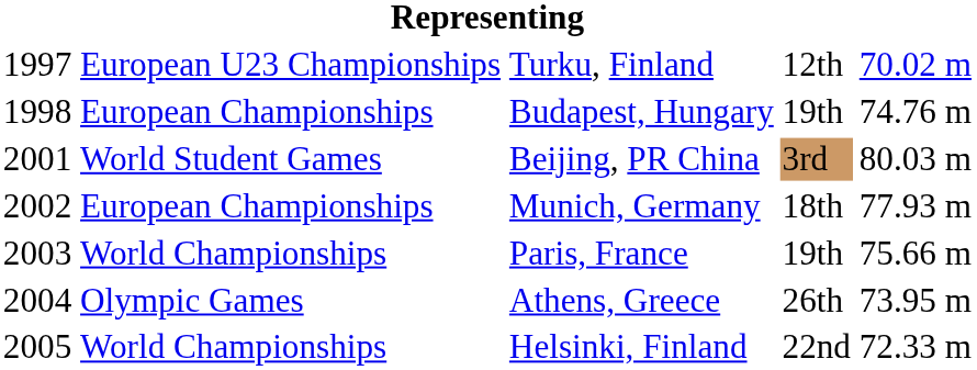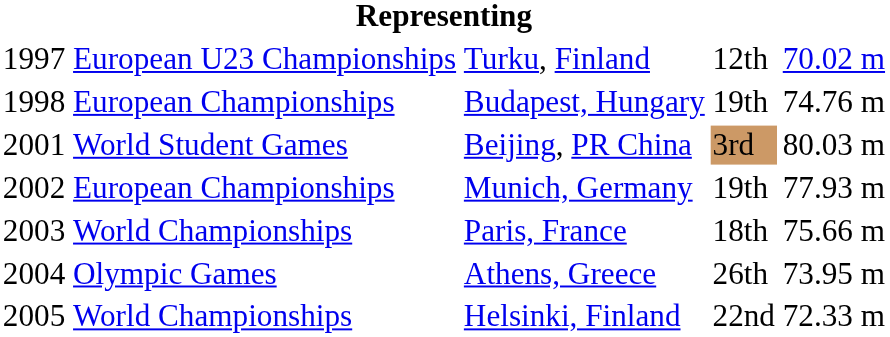 <table>
 <tr>
 <th colspan="5">Representing </th>
 </tr>
 <tr>
 <td>1997</td>
 <td><a href='#'>European U23 Championships</a></td>
 <td><a href='#'>Turku</a>, <a href='#'>Finland</a></td>
 <td>12th</td>
 <td><a href='#'>70.02 m</a></td>
 </tr>
 <tr>
 <td>1998</td>
 <td><a href='#'>European Championships</a></td>
 <td><a href='#'>Budapest, Hungary</a></td>
 <td>19th</td>
 <td>74.76 m</td>
 </tr>
 <tr>
 <td>2001</td>
 <td><a href='#'>World Student Games</a></td>
 <td><a href='#'>Beijing</a>, <a href='#'>PR China</a></td>
 <td bgcolor="cc9966">3rd</td>
 <td>80.03 m</td>
 </tr>
 <tr>
 <td>2002</td>
 <td><a href='#'>European Championships</a></td>
 <td><a href='#'>Munich, Germany</a></td>
-<td>18th</td>
+<td>19th</td>
 <td>77.93 m</td>
 </tr>
 <tr>
 <td>2003</td>
 <td><a href='#'>World Championships</a></td>
 <td><a href='#'>Paris, France</a></td>
-<td>19th</td>
+<td>18th</td>
 <td>75.66 m</td>
 </tr>
 <tr>
 <td>2004</td>
 <td><a href='#'>Olympic Games</a></td>
 <td><a href='#'>Athens, Greece</a></td>
 <td>26th</td>
 <td>73.95 m</td>
 </tr>
 <tr>
 <td>2005</td>
 <td><a href='#'>World Championships</a></td>
 <td><a href='#'>Helsinki, Finland</a></td>
 <td>22nd</td>
 <td>72.33 m</td>
 </tr>
 </table>
